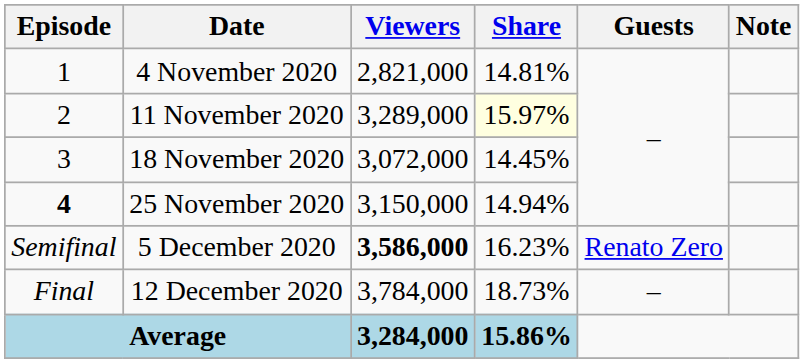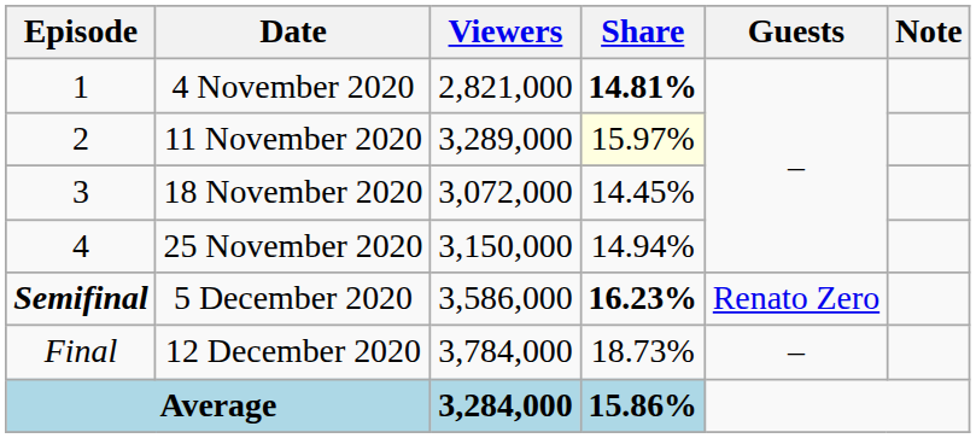 <table class="wikitable" style="text-align:center;">
 <tr>
 <th>Episode</th>
 <th>Date</th>
 <th><a href='#'>Viewers</a></th>
 <th><a href='#'>Share</a></th>
 <th>Guests</th>
 <th>Note</th>
 </tr>
 <tr>
 <td><div>1</div></td>
 <td>4 November 2020</td>
 <td>2,821,000</td>
-<td>14.81%</td>
+<td><strong>14.81%</strong></td>
 <td rowspan="4">–</td>
 <td></td>
 </tr>
 <tr>
 <td><div>2</div></td>
 <td>11 November 2020</td>
 <td>3,289,000</td>
 <td style="background: lightyellow;">15.97%</td>
 <td></td>
 </tr>
 <tr>
 <td><div>3</div></td>
 <td>18 November 2020</td>
 <td>3,072,000</td>
 <td>14.45%</td>
 <td></td>
 </tr>
 <tr>
-<td><strong><div>4</div></strong></td>
+<td><div>4</div></td>
 <td>25 November 2020</td>
 <td>3,150,000</td>
 <td>14.94%</td>
 <td></td>
 </tr>
 <tr>
-<td><em>Semifinal</em></td>
+<td><strong><em>Semifinal</em></strong></td>
 <td>5 December 2020</td>
-<td><strong>3,586,000</strong></td>
-<td>16.23%</td>
+<td>3,586,000</td>
+<td><strong>16.23%</strong></td>
 <td><a href='#'>Renato Zero</a></td>
 <td></td>
 </tr>
 <tr>
 <td><em>Final</em></td>
 <td>12 December 2020</td>
 <td>3,784,000</td>
 <td>18.73%</td>
 <td>–</td>
 <td></td>
 </tr>
 <tr>
 <td bgcolor="lightblue" colspan="2"><div><strong>Average</strong></div></td>
 <td bgcolor="lightblue"><strong>3,284,000</strong></td>
 <td bgcolor="lightblue"><strong>15.86%</strong></td>
 </tr>
 </table>
